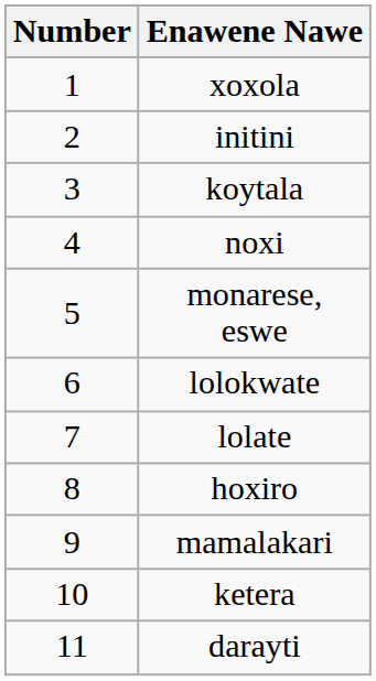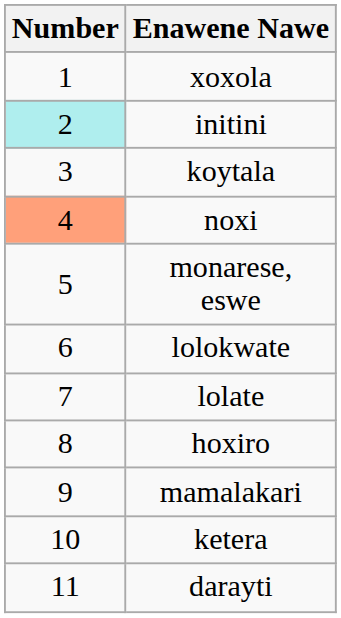 <table class="wikitable" style="text-align: center;">
 <tr>
 <th>Number</th>
 <th>Enawene Nawe</th>
 </tr>
 <tr>
 <td>1</td>
 <td>xoxola</td>
 </tr>
 <tr>
-<td>2</td>
+<td style="background: paleturquoise;">2</td>
 <td>initini</td>
 </tr>
 <tr>
 <td>3</td>
 <td>koytala</td>
 </tr>
 <tr>
-<td>4</td>
+<td style="background: lightsalmon;">4</td>
 <td>noxi</td>
 </tr>
 <tr>
 <td>5</td>
 <td>monarese,<br>eswe</td>
 </tr>
 <tr>
 <td>6</td>
 <td>lolokwate</td>
 </tr>
 <tr>
 <td>7</td>
 <td>lolate</td>
 </tr>
 <tr>
 <td>8</td>
 <td>hoxiro</td>
 </tr>
 <tr>
 <td>9</td>
 <td>mamalakari</td>
 </tr>
 <tr>
 <td>10</td>
 <td>ketera</td>
 </tr>
 <tr>
 <td>11</td>
 <td>darayti</td>
 </tr>
 </table>
